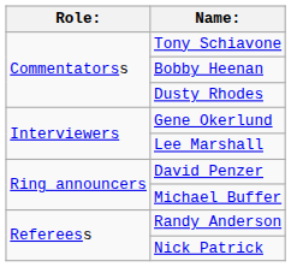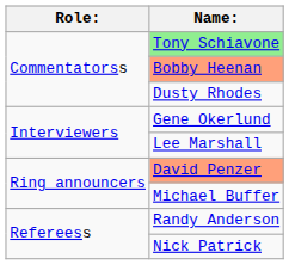 <table class=wikitable style="font-size:90%; margin: 0.5em 0 0.5em 1em; float: right; clear: right;">
 <tr>
 <th>Role:</th>
 <th>Name:</th>
 </tr>
 <tr>
 <td rowspan=3><a href='#'>Commentators</a>s</td>
-<td><a href='#'>Tony Schiavone</a></td>
+<td style="background: lightgreen;"><a href='#'>Tony Schiavone</a></td>
 </tr>
 <tr>
-<td><a href='#'>Bobby Heenan</a></td>
+<td style="background: lightsalmon;"><a href='#'>Bobby Heenan</a></td>
 </tr>
 <tr>
 <td><a href='#'>Dusty Rhodes</a></td>
 </tr>
 <tr>
 <td rowspan=2><a href='#'>Interviewers</a></td>
 <td><a href='#'>Gene Okerlund</a></td>
 </tr>
 <tr>
 <td><a href='#'>Lee Marshall</a></td>
 </tr>
 <tr>
 <td rowspan=2><a href='#'>Ring announcers</a></td>
-<td><a href='#'>David Penzer</a></td>
+<td style="background: lightsalmon;"><a href='#'>David Penzer</a></td>
 </tr>
 <tr>
 <td><a href='#'>Michael Buffer</a> </td>
 </tr>
 <tr>
 <td rowspan=2><a href='#'>Referees</a>s</td>
 <td><a href='#'>Randy Anderson</a></td>
 </tr>
 <tr>
 <td><a href='#'>Nick Patrick</a></td>
 </tr>
 </table>
